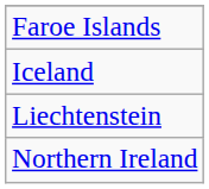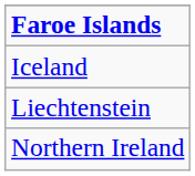 <table class="wikitable">
 <tr>
 </tr>
 <tr>
-<td> <a href='#'>Faroe Islands</a></td>
+<td><strong> <a href='#'>Faroe Islands</a></strong></td>
 </tr>
 <tr>
 <td> <a href='#'>Iceland</a></td>
 </tr>
 <tr>
 <td> <a href='#'>Liechtenstein</a></td>
 </tr>
 <tr>
 <td> <a href='#'>Northern Ireland</a></td>
 </tr>
 </table>
